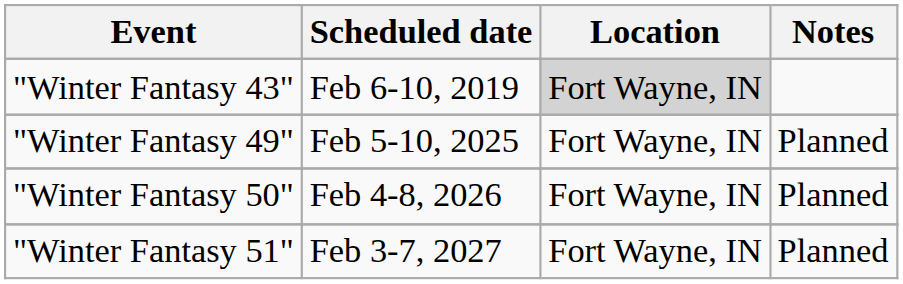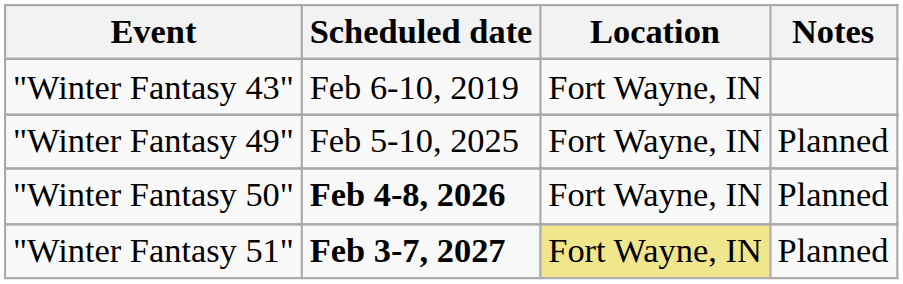 <table class="wikitable">
 <tr>
 <th>Event</th>
 <th>Scheduled date</th>
 <th>Location</th>
 <th>Notes</th>
 </tr>
 <tr>
 </tr>
 <tr>
 <td>"Winter Fantasy 43"</td>
 <td>Feb 6-10, 2019</td>
-<td style="background: lightgrey;">Fort Wayne, IN</td>
+<td>Fort Wayne, IN</td>
 <td></td>
 </tr>
 <tr>
 </tr>
 <tr>
 <td>"Winter Fantasy 49"</td>
 <td>Feb 5-10, 2025</td>
 <td>Fort Wayne, IN</td>
 <td>Planned</td>
 </tr>
 <tr>
 </tr>
 <tr>
 <td>"Winter Fantasy 50"</td>
-<td>Feb 4-8, 2026</td>
+<td><strong>Feb 4-8, 2026</strong></td>
 <td>Fort Wayne, IN</td>
 <td>Planned</td>
 </tr>
 <tr>
 </tr>
 <tr>
 <td>"Winter Fantasy 51"</td>
-<td>Feb 3-7, 2027</td>
-<td>Fort Wayne, IN</td>
+<td><strong>Feb 3-7, 2027</strong></td>
+<td style="background: khaki;">Fort Wayne, IN</td>
 <td>Planned</td>
 </tr>
 </table>
